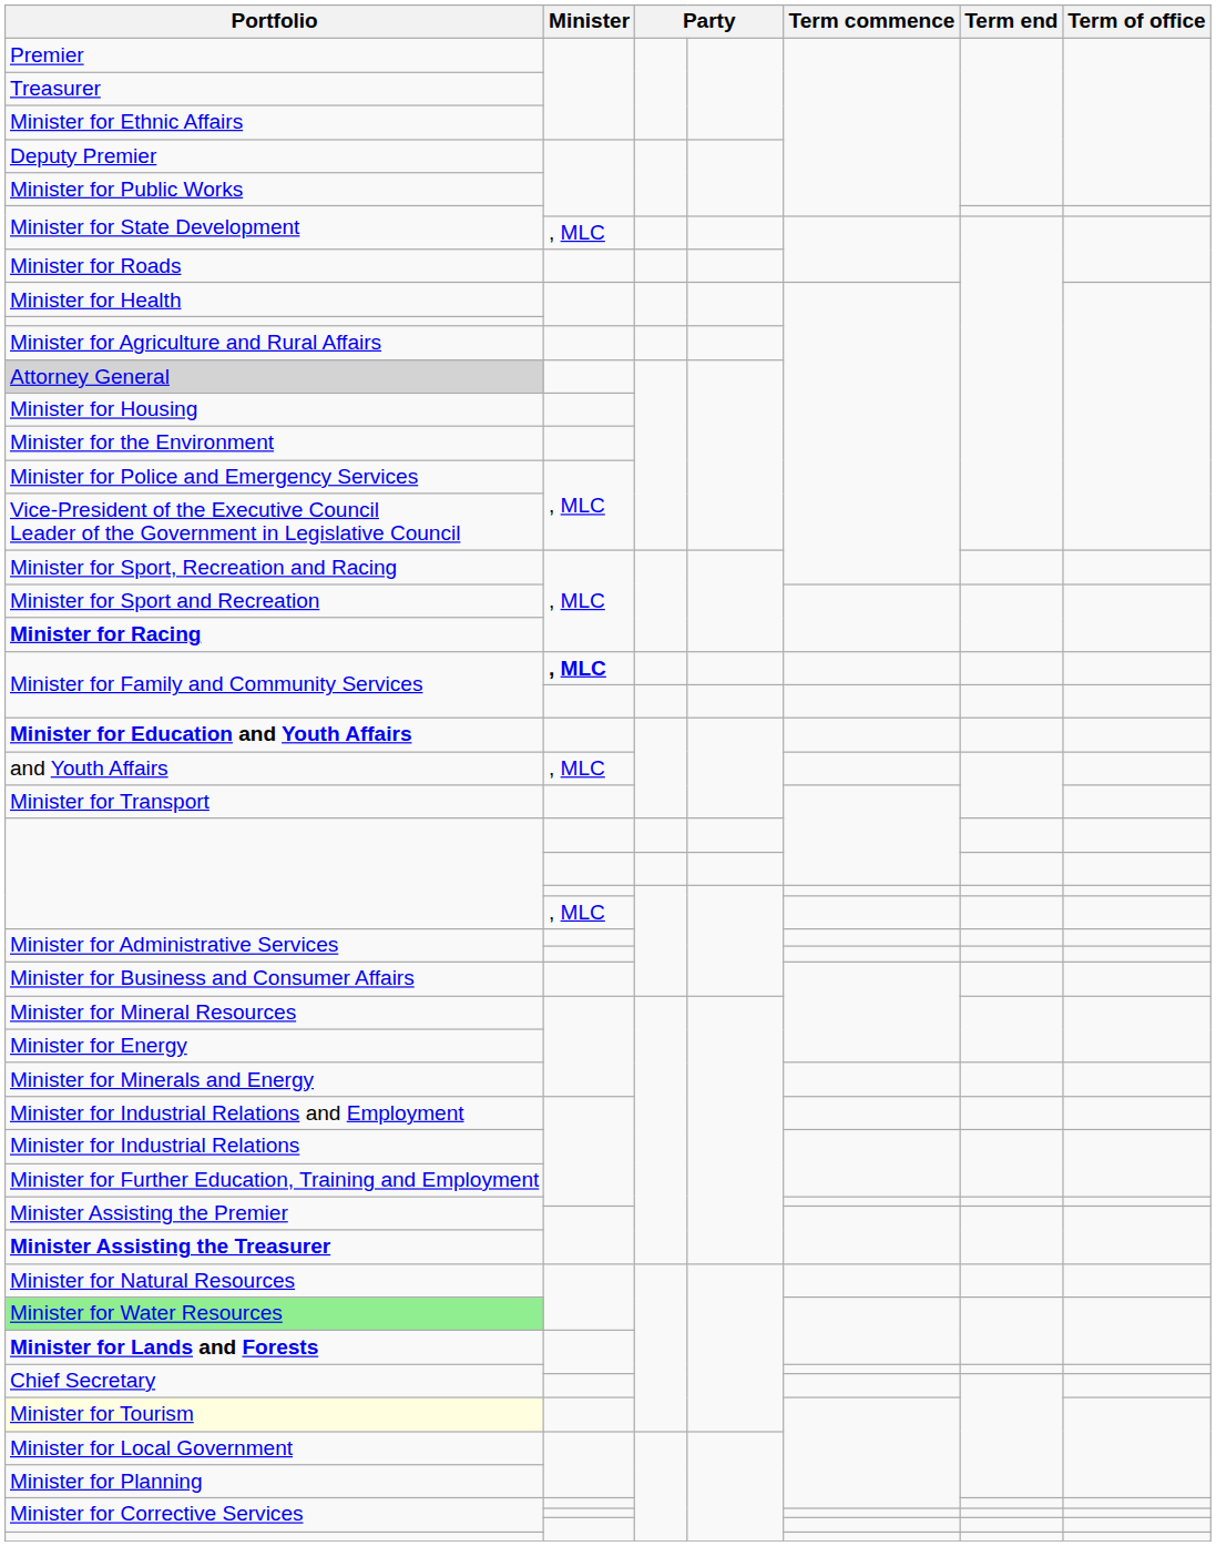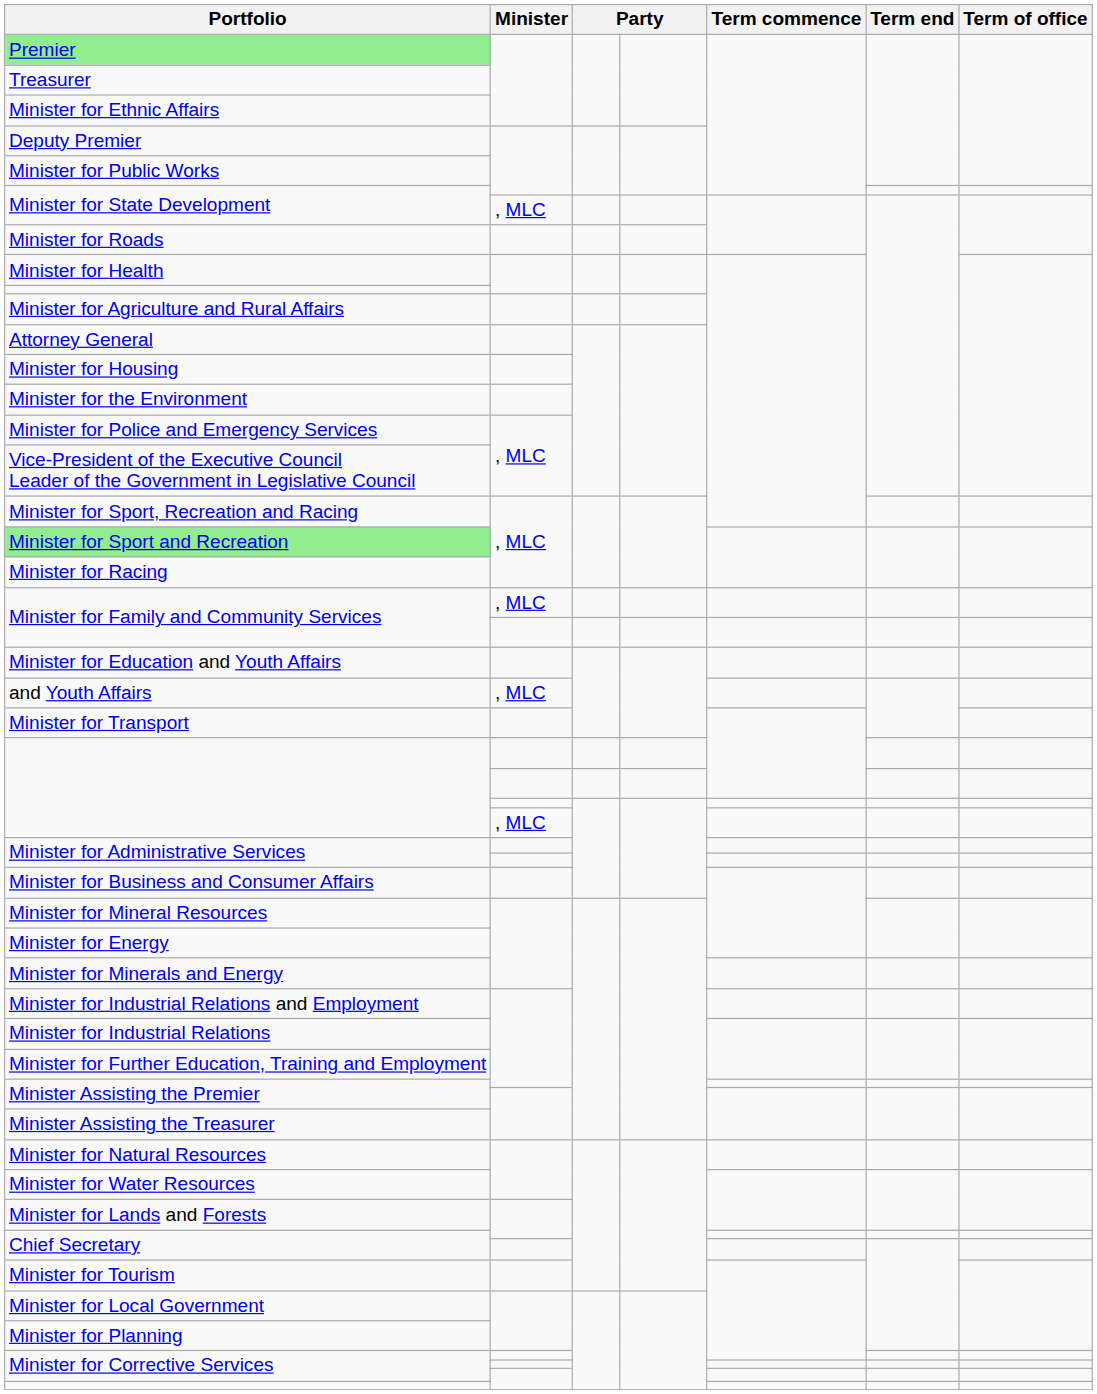 <table class="wikitable sortable">
 <tr>
 <th>Portfolio</th>
 <th>Minister</th>
 <th colspan=2>Party</th>
 <th>Term commence</th>
 <th>Term end</th>
 <th>Term of office</th>
 </tr>
 <tr>
-<td><a href='#'>Premier</a></td>
+<td style="background: lightgreen;"><a href='#'>Premier</a></td>
 <td rowspan=3></td>
 <td rowspan=3 > </td>
 <td rowspan=3 width=8%></td>
 <td rowspan=6 align=center></td>
 <td rowspan=5 align=center></td>
 <td rowspan=5 align=right></td>
 </tr>
 <tr>
 <td><a href='#'>Treasurer</a></td>
 </tr>
 <tr>
 <td><a href='#'>Minister for Ethnic Affairs</a></td>
 </tr>
 <tr>
 <td><a href='#'>Deputy Premier</a></td>
 <td rowspan=3></td>
 <td rowspan=3 > </td>
 <td rowspan=3></td>
 </tr>
 <tr>
 <td><a href='#'>Minister for Public Works</a></td>
 </tr>
 <tr>
 <td rowspan=2><a href='#'>Minister for State Development</a></td>
 <td align=center></td>
 <td align=right></td>
 </tr>
 <tr>
 <td>, <a href='#'>MLC</a></td>
 <td> </td>
 <td></td>
 <td rowspan=2 align=center></td>
 <td rowspan=10 align=center></td>
 <td rowspan=2 align=right></td>
 </tr>
 <tr>
 <td><a href='#'>Minister for Roads</a></td>
 <td></td>
 <td> </td>
 <td></td>
 </tr>
 <tr>
 <td><a href='#'>Minister for Health</a></td>
 <td rowspan=2></td>
 <td rowspan=2 > </td>
 <td rowspan=2></td>
 <td rowspan=9 align=center></td>
 <td rowspan=8 align=right></td>
 </tr>
 <tr>
 <td></td>
 </tr>
 <tr>
 <td><a href='#'>Minister for Agriculture and Rural Affairs</a></td>
 <td></td>
 <td> </td>
 <td></td>
 </tr>
 <tr>
-<td style="background: lightgrey;"><a href='#'>Attorney General</a></td>
+<td><a href='#'>Attorney General</a></td>
 <td></td>
 <td rowspan=5 > </td>
 <td rowspan=5></td>
 </tr>
 <tr>
 <td><a href='#'>Minister for Housing</a></td>
 <td></td>
 </tr>
 <tr>
 <td><a href='#'>Minister for the Environment</a></td>
 <td></td>
 </tr>
 <tr>
 <td><a href='#'>Minister for Police and Emergency Services</a></td>
 <td rowspan=2>, <a href='#'>MLC</a></td>
 </tr>
 <tr>
 <td><a href='#'>Vice-President of the Executive Council</a><br><a href='#'>Leader of the Government in Legislative Council</a></td>
 </tr>
 <tr>
 <td><a href='#'>Minister for Sport, Recreation and Racing</a></td>
 <td rowspan=3>, <a href='#'>MLC</a></td>
 <td rowspan=3 > </td>
 <td rowspan=3></td>
 <td align=center></td>
 <td align=right></td>
 </tr>
 <tr>
-<td><a href='#'>Minister for Sport and Recreation</a></td>
+<td style="background: lightgreen;"><a href='#'>Minister for Sport and Recreation</a></td>
 <td rowspan=2 align=center></td>
 <td rowspan=2 align=center></td>
 <td rowspan=2 align=right></td>
 </tr>
 <tr>
-<td><strong><a href='#'>Minister for Racing</a></strong></td>
+<td><a href='#'>Minister for Racing</a></td>
 </tr>
 <tr>
 <td rowspan=2><a href='#'>Minister for Family and Community Services</a></td>
-<td><strong>, <a href='#'>MLC</a></strong></td>
+<td>, <a href='#'>MLC</a></td>
 <td> </td>
 <td></td>
 <td align=center></td>
 <td align=center></td>
 <td align=right></td>
 </tr>
 <tr>
 <td></td>
 <td> </td>
 <td></td>
 <td align=center></td>
 <td align=center></td>
 <td align=right></td>
 </tr>
 <tr>
-<td><strong><a href='#'>Minister for Education</a> and <a href='#'>Youth Affairs</a></strong></td>
+<td><a href='#'>Minister for Education</a> and <a href='#'>Youth Affairs</a></td>
 <td></td>
 <td rowspan=3 > </td>
 <td rowspan=3></td>
 <td align=center></td>
 <td align=center></td>
 <td align=right></td>
 </tr>
 <tr>
 <td> and <a href='#'>Youth Affairs</a></td>
 <td>, <a href='#'>MLC</a></td>
 <td align=center></td>
 <td rowspan=2 align=center></td>
 <td align=right></td>
 </tr>
 <tr>
 <td><a href='#'>Minister for Transport</a></td>
 <td></td>
 <td rowspan=3 align=center></td>
 <td align=right></td>
 </tr>
 <tr>
 <td rowspan=4></td>
 <td></td>
 <td> </td>
 <td></td>
 <td align=center></td>
 <td align=right></td>
 </tr>
 <tr>
 <td></td>
 <td> </td>
 <td></td>
 <td align=center></td>
 <td align=right></td>
 </tr>
 <tr>
 <td></td>
 <td rowspan=5 > </td>
 <td rowspan=5></td>
 <td align=center></td>
 <td align=center></td>
 <td align=right></td>
 </tr>
 <tr>
 <td>, <a href='#'>MLC</a></td>
 <td align=center></td>
 <td align=center></td>
 <td align=right></td>
 </tr>
 <tr>
 <td rowspan=2><a href='#'>Minister for Administrative Services</a></td>
 <td></td>
 <td align=center></td>
 <td align=center></td>
 <td align=right></td>
 </tr>
 <tr>
 <td></td>
 <td align=center></td>
 <td align=center></td>
 <td align=right></td>
 </tr>
 <tr>
 <td><a href='#'>Minister for Business and Consumer Affairs</a></td>
 <td></td>
 <td rowspan=3 align=center></td>
 <td align=center></td>
 <td align=right></td>
 </tr>
 <tr>
 <td><a href='#'>Minister for Mineral Resources</a></td>
 <td rowspan=3></td>
 <td rowspan=9 > </td>
 <td rowspan=9></td>
 <td rowspan=2 align=center></td>
 <td rowspan=2 align=right></td>
 </tr>
 <tr>
 <td><a href='#'>Minister for Energy</a></td>
 </tr>
 <tr>
 <td><a href='#'>Minister for Minerals and Energy</a></td>
 <td align=center></td>
 <td align=center></td>
 <td align=right></td>
 </tr>
 <tr>
 <td><a href='#'>Minister for Industrial Relations</a> and <a href='#'>Employment</a></td>
 <td rowspan=4></td>
 <td align=center></td>
 <td align=center></td>
 <td align=right></td>
 </tr>
 <tr>
 <td><a href='#'>Minister for Industrial Relations</a></td>
 <td rowspan=2 align=center></td>
 <td rowspan=2 align=center></td>
 <td rowspan=2 align=right></td>
 </tr>
 <tr>
 <td><a href='#'>Minister for Further Education, Training and Employment</a></td>
 </tr>
 <tr>
 <td rowspan=2><a href='#'>Minister Assisting the Premier</a></td>
 <td align=center></td>
 <td align=center></td>
 <td align=right></td>
 </tr>
 <tr>
 <td rowspan=2></td>
 <td rowspan=2 align=center></td>
 <td rowspan=2 align=center></td>
 <td rowspan=2 align=right></td>
 </tr>
 <tr>
-<td><strong><a href='#'>Minister Assisting the Treasurer</a></strong></td>
+<td><a href='#'>Minister Assisting the Treasurer</a></td>
 </tr>
 <tr>
 <td><a href='#'>Minister for Natural Resources</a></td>
 <td rowspan=2></td>
 <td rowspan=6 > </td>
 <td rowspan=6></td>
 <td align=center></td>
 <td align=center></td>
 <td align=right></td>
 </tr>
 <tr>
-<td style="background: lightgreen;"><a href='#'>Minister for Water Resources</a></td>
+<td><a href='#'>Minister for Water Resources</a></td>
 <td rowspan=2 align=center></td>
 <td rowspan=2 align=center></td>
 <td rowspan=2 align=right></td>
 </tr>
 <tr>
-<td><strong><a href='#'>Minister for Lands</a> and <a href='#'>Forests</a></strong></td>
+<td><a href='#'>Minister for Lands</a> and <a href='#'>Forests</a></td>
 <td rowspan=2></td>
 </tr>
 <tr>
 <td rowspan=2><a href='#'>Chief Secretary</a></td>
 <td align=center></td>
 <td align=center></td>
 <td align=right></td>
 </tr>
 <tr>
 <td></td>
 <td align=center></td>
 <td rowspan=4 align=center></td>
 <td align=right></td>
 </tr>
 <tr>
-<td style="background: lightyellow;"><a href='#'>Minister for Tourism</a></td>
+<td><a href='#'>Minister for Tourism</a></td>
 <td></td>
 <td rowspan=4 align=center></td>
 <td rowspan=3 align=right></td>
 </tr>
 <tr>
 <td><a href='#'>Minister for Local Government</a></td>
 <td rowspan=2></td>
 <td rowspan=6 > </td>
 <td rowspan=6></td>
 </tr>
 <tr>
 <td><a href='#'>Minister for Planning</a></td>
 </tr>
 <tr>
 <td rowspan=3><a href='#'>Minister for Corrective Services</a></td>
 <td></td>
 <td align=center></td>
 <td align=right></td>
 </tr>
 <tr>
 <td></td>
 <td align=center></td>
 <td align=center></td>
 <td align=right></td>
 </tr>
 <tr>
 <td rowspan=2></td>
 <td align=center></td>
 <td align=center></td>
 <td align=right></td>
 </tr>
 <tr>
 <td></td>
 <td align=center></td>
 <td align=center></td>
 <td align=right></td>
 </tr>
 </table>
